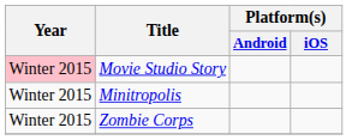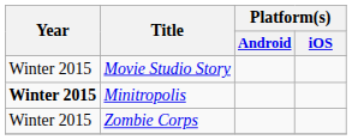 <table class="wikitable">
 <tr>
 <th rowspan="2">Year</th>
 <th rowspan="2">Title</th>
 <th colspan="4">Platform(s)</th>
 </tr>
 <tr>
 <th style="width:3em; font-size:90%"><a href='#'>Android</a></th>
 <th style="width:3em; font-size:90%"><a href='#'>iOS</a></th>
 </tr>
 <tr>
-<td style="background: pink;">Winter 2015</td>
+<td>Winter 2015</td>
 <td><em><a href='#'>Movie Studio Story</a></em></td>
 <td></td>
 <td></td>
 </tr>
 <tr>
-<td>Winter 2015</td>
+<td><strong>Winter 2015</strong></td>
 <td><em><a href='#'>Minitropolis</a></em></td>
 <td></td>
 <td></td>
 </tr>
 <tr>
 <td>Winter 2015</td>
 <td><em><a href='#'>Zombie Corps</a></em></td>
 <td></td>
 <td></td>
 </tr>
 <tr>
 </tr>
 </table>
